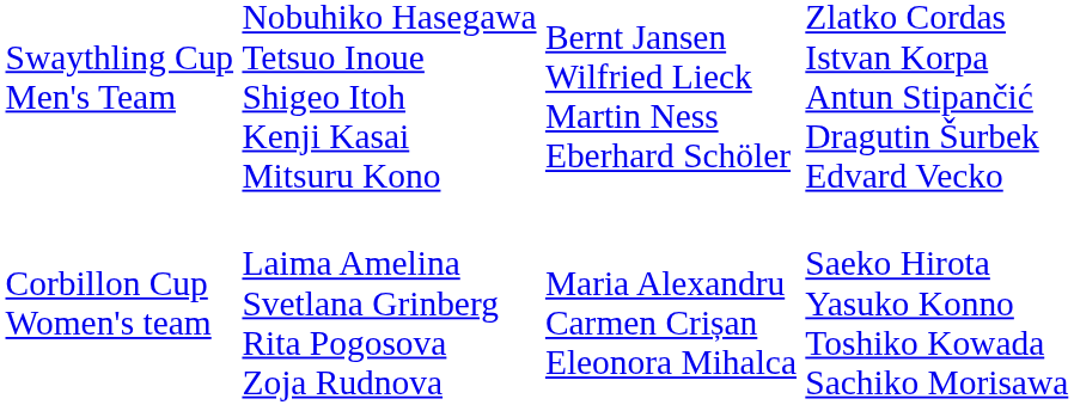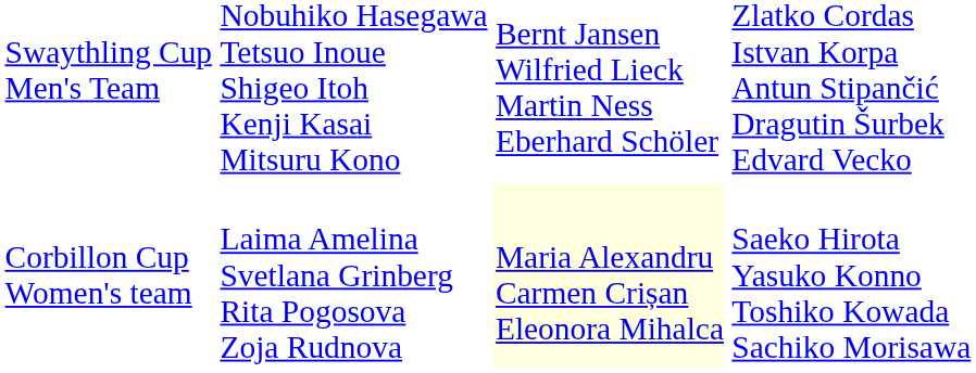 <table>
 <tr>
 <td><a href='#'>Swaythling Cup<br>Men's Team</a></td>
 <td><br><a href='#'>Nobuhiko Hasegawa</a><br><a href='#'>Tetsuo Inoue</a><br><a href='#'>Shigeo Itoh</a><br><a href='#'>Kenji Kasai</a><br><a href='#'>Mitsuru Kono</a></td>
 <td><br><a href='#'>Bernt Jansen</a><br><a href='#'>Wilfried Lieck</a><br><a href='#'>Martin Ness</a><br><a href='#'>Eberhard Schöler</a></td>
 <td><br><a href='#'>Zlatko Cordas</a><br><a href='#'>Istvan Korpa</a><br><a href='#'>Antun Stipančić</a><br><a href='#'>Dragutin Šurbek</a><br><a href='#'>Edvard Vecko</a></td>
 </tr>
 <tr>
 <td><a href='#'>Corbillon Cup<br>Women's team</a></td>
 <td><br><a href='#'>Laima Amelina</a><br><a href='#'>Svetlana Grinberg</a><br><a href='#'>Rita Pogosova</a><br><a href='#'>Zoja Rudnova</a></td>
-<td><br><a href='#'>Maria Alexandru</a><br><a href='#'>Carmen Crișan</a><br><a href='#'>Eleonora Mihalca</a></td>
+<td style="background: lightyellow;"><br><a href='#'>Maria Alexandru</a><br><a href='#'>Carmen Crișan</a><br><a href='#'>Eleonora Mihalca</a></td>
 <td><br><a href='#'>Saeko Hirota</a><br><a href='#'>Yasuko Konno</a><br><a href='#'>Toshiko Kowada</a><br><a href='#'>Sachiko Morisawa</a></td>
 </tr>
 </table>
